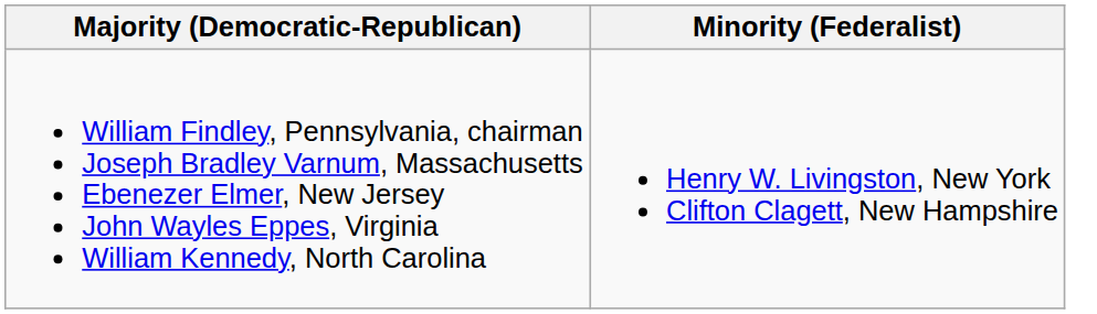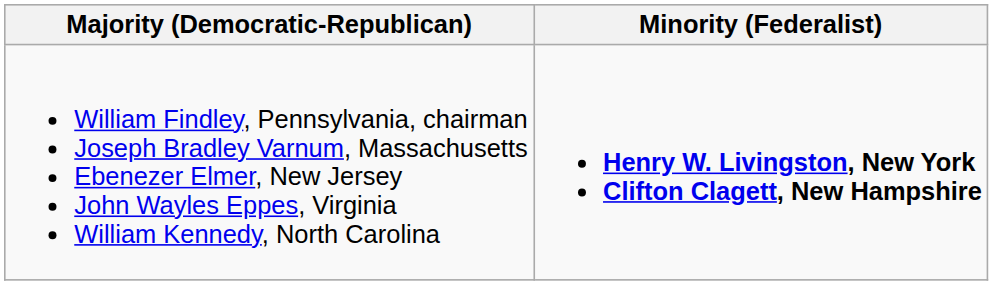 <table class=wikitable>
 <tr>
 <th>Majority (Democratic-Republican)</th>
 <th>Minority (Federalist)</th>
 </tr>
 <tr>
 <td><br><ul><li><a href='#'>William Findley</a>, Pennsylvania, chairman</li><li><a href='#'>Joseph Bradley Varnum</a>, Massachusetts</li><li><a href='#'>Ebenezer Elmer</a>, New Jersey</li><li><a href='#'>John Wayles Eppes</a>, Virginia</li><li><a href='#'>William Kennedy</a>, North Carolina</li></ul></td>
-<td><br><ul><li><a href='#'>Henry W. Livingston</a>, New York</li><li><a href='#'>Clifton Clagett</a>, New Hampshire</li></ul></td>
+<td><strong><br><ul><li><a href='#'>Henry W. Livingston</a>, New York</li><li><a href='#'>Clifton Clagett</a>, New Hampshire</li></ul></strong></td>
 </tr>
 </table>
